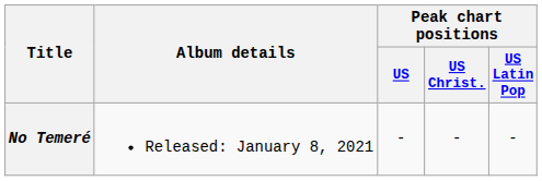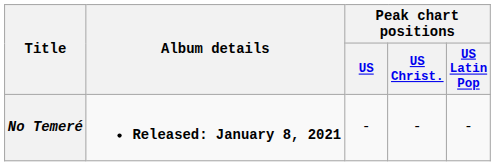 <table class="wikitable plainrowheaders" style="text-align:center;">
 <tr>
 <th scope="col" rowspan="2">Title</th>
 <th scope="col" rowspan="2">Album details</th>
 <th scope="col" colspan="3">Peak chart positions</th>
 </tr>
 <tr>
 <th style="width:3em; font-size:90%"><a href='#'>US</a><br></th>
 <th style="width:3em; font-size:90%"><a href='#'>US<br>Christ.</a><br></th>
 <th style="width:3em; font-size:90%"><a href='#'>US Latin Pop</a><br></th>
 </tr>
 <tr>
 <th scope="row"><em>No Temeré</em></th>
-<td><br><ul><li>Released: January 8, 2021</li></ul></td>
+<td><strong><br><ul><li>Released: January 8, 2021</li></ul></strong></td>
 <td>-</td>
 <td>-</td>
 <td>-</td>
 </tr>
 </table>
